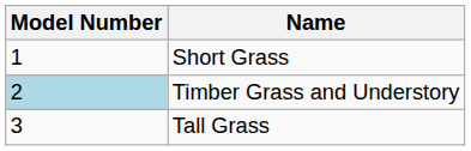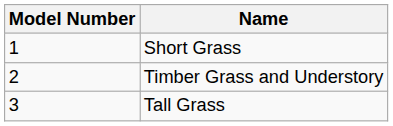 <table class="wikitable">
 <tr>
 <th>Model Number</th>
 <th>Name</th>
 </tr>
 <tr>
 <td>1</td>
 <td>Short Grass</td>
 </tr>
 <tr>
-<td style="background: lightblue;">2</td>
+<td>2</td>
 <td>Timber Grass and Understory</td>
 </tr>
 <tr>
 <td>3</td>
 <td>Tall Grass</td>
 </tr>
 </table>
